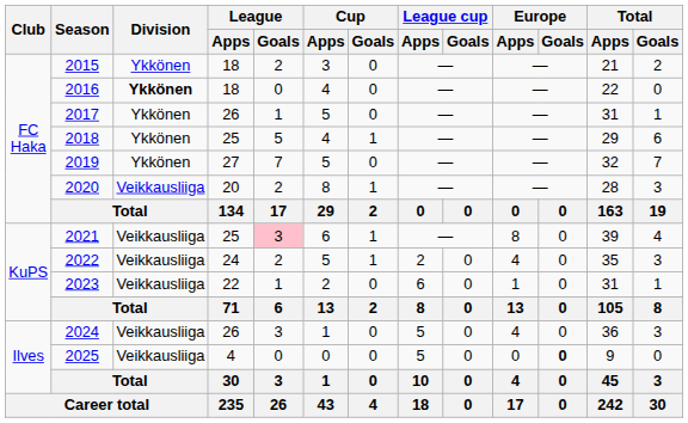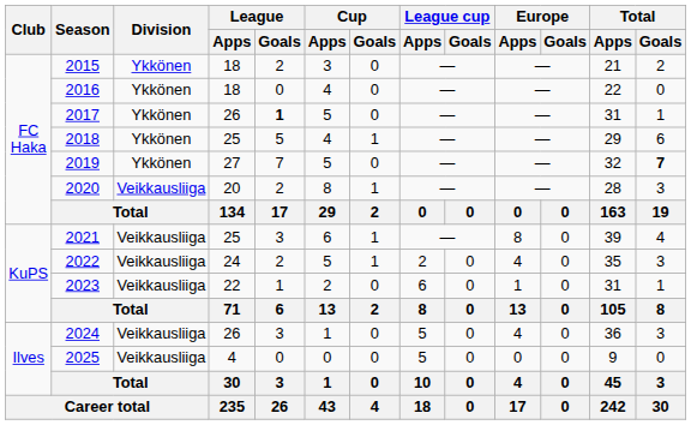 <table class="wikitable" style="text-align:center">
 <tr>
 <th rowspan="2">Club</th>
 <th rowspan="2">Season</th>
 <th rowspan="2">Division</th>
 <th colspan="2">League</th>
 <th colspan="2">Cup</th>
 <th colspan="2"><a href='#'>League cup</a></th>
 <th colspan="2">Europe</th>
 <th colspan="2">Total</th>
 </tr>
 <tr>
 <th>Apps</th>
 <th>Goals</th>
 <th>Apps</th>
 <th>Goals</th>
 <th>Apps</th>
 <th>Goals</th>
 <th>Apps</th>
 <th>Goals</th>
 <th>Apps</th>
 <th>Goals</th>
 </tr>
 <tr>
 <td rowspan="7"><a href='#'>FC Haka</a></td>
 <td><a href='#'>2015</a></td>
 <td><a href='#'>Ykkönen</a></td>
 <td>18</td>
 <td>2</td>
 <td>3</td>
 <td>0</td>
 <td colspan="2">—</td>
 <td colspan="2">—</td>
 <td>21</td>
 <td>2</td>
 </tr>
 <tr>
 <td><a href='#'>2016</a></td>
-<td><strong>Ykkönen</strong></td>
+<td>Ykkönen</td>
 <td>18</td>
 <td>0</td>
 <td>4</td>
 <td>0</td>
 <td colspan="2">—</td>
 <td colspan="2">—</td>
 <td>22</td>
 <td>0</td>
 </tr>
 <tr>
 <td><a href='#'>2017</a></td>
 <td>Ykkönen</td>
 <td>26</td>
-<td>1</td>
+<td><strong>1</strong></td>
 <td>5</td>
 <td>0</td>
 <td colspan="2">—</td>
 <td colspan="2">—</td>
 <td>31</td>
 <td>1</td>
 </tr>
 <tr>
 <td><a href='#'>2018</a></td>
 <td>Ykkönen</td>
 <td>25</td>
 <td>5</td>
 <td>4</td>
 <td>1</td>
 <td colspan="2">—</td>
 <td colspan="2">—</td>
 <td>29</td>
 <td>6</td>
 </tr>
 <tr>
 <td><a href='#'>2019</a></td>
 <td>Ykkönen</td>
 <td>27</td>
 <td>7</td>
 <td>5</td>
 <td>0</td>
 <td colspan="2">—</td>
 <td colspan="2">—</td>
 <td>32</td>
-<td>7</td>
+<td><strong>7</strong></td>
 </tr>
 <tr>
 <td><a href='#'>2020</a></td>
 <td><a href='#'>Veikkausliiga</a></td>
 <td>20</td>
 <td>2</td>
 <td>8</td>
 <td>1</td>
 <td colspan="2">—</td>
 <td colspan="2">—</td>
 <td>28</td>
 <td>3</td>
 </tr>
 <tr>
 <th colspan="2">Total</th>
 <th>134</th>
 <th>17</th>
 <th>29</th>
 <th>2</th>
 <th>0</th>
 <th>0</th>
 <th>0</th>
 <th>0</th>
 <th>163</th>
 <th>19</th>
 </tr>
 <tr>
 <td rowspan="4"><a href='#'>KuPS</a></td>
 <td><a href='#'>2021</a></td>
 <td>Veikkausliiga</td>
 <td>25</td>
-<td style="background: pink;">3</td>
+<td>3</td>
 <td>6</td>
 <td>1</td>
 <td colspan="2">—</td>
 <td>8</td>
 <td>0</td>
 <td>39</td>
 <td>4</td>
 </tr>
 <tr>
 <td><a href='#'>2022</a></td>
 <td>Veikkausliiga</td>
 <td>24</td>
 <td>2</td>
 <td>5</td>
 <td>1</td>
 <td>2</td>
 <td>0</td>
 <td>4</td>
 <td>0</td>
 <td>35</td>
 <td>3</td>
 </tr>
 <tr>
 <td><a href='#'>2023</a></td>
 <td>Veikkausliiga</td>
 <td>22</td>
 <td>1</td>
 <td>2</td>
 <td>0</td>
 <td>6</td>
 <td>0</td>
 <td>1</td>
 <td>0</td>
 <td>31</td>
 <td>1</td>
 </tr>
 <tr>
 <th colspan="2">Total</th>
 <th>71</th>
 <th>6</th>
 <th>13</th>
 <th>2</th>
 <th>8</th>
 <th>0</th>
 <th>13</th>
 <th>0</th>
 <th>105</th>
 <th>8</th>
 </tr>
 <tr>
 <td rowspan=3><a href='#'>Ilves</a></td>
 <td><a href='#'>2024</a></td>
 <td>Veikkausliiga</td>
 <td>26</td>
 <td>3</td>
 <td>1</td>
 <td>0</td>
 <td>5</td>
 <td>0</td>
 <td>4</td>
 <td>0</td>
 <td>36</td>
 <td>3</td>
 </tr>
 <tr>
 <td><a href='#'>2025</a></td>
 <td>Veikkausliiga</td>
 <td>4</td>
 <td>0</td>
 <td>0</td>
 <td>0</td>
 <td>5</td>
 <td>0</td>
 <td>0</td>
-<td><strong>0</strong></td>
+<td>0</td>
 <td>9</td>
 <td>0</td>
 </tr>
 <tr>
 <th colspan=2>Total</th>
 <th>30</th>
 <th>3</th>
 <th>1</th>
 <th>0</th>
 <th>10</th>
 <th>0</th>
 <th>4</th>
 <th>0</th>
 <th>45</th>
 <th>3</th>
 </tr>
 <tr>
 <th colspan="3">Career total</th>
 <th>235</th>
 <th>26</th>
 <th>43</th>
 <th>4</th>
 <th>18</th>
 <th>0</th>
 <th>17</th>
 <th>0</th>
 <th>242</th>
 <th>30</th>
 </tr>
 </table>
